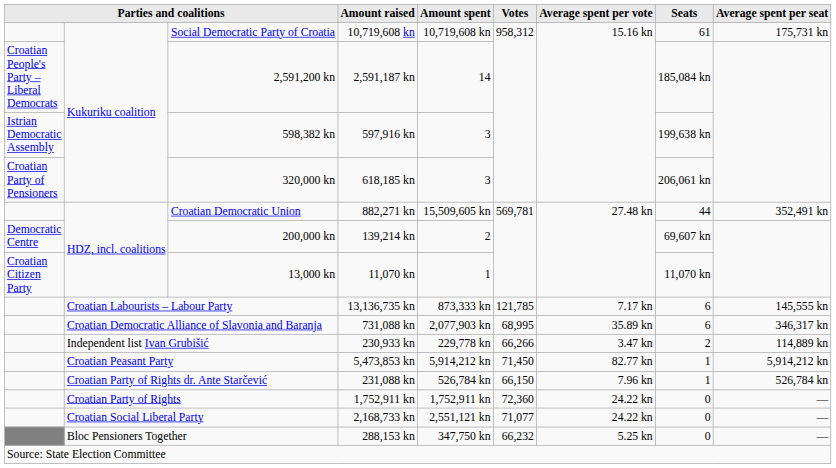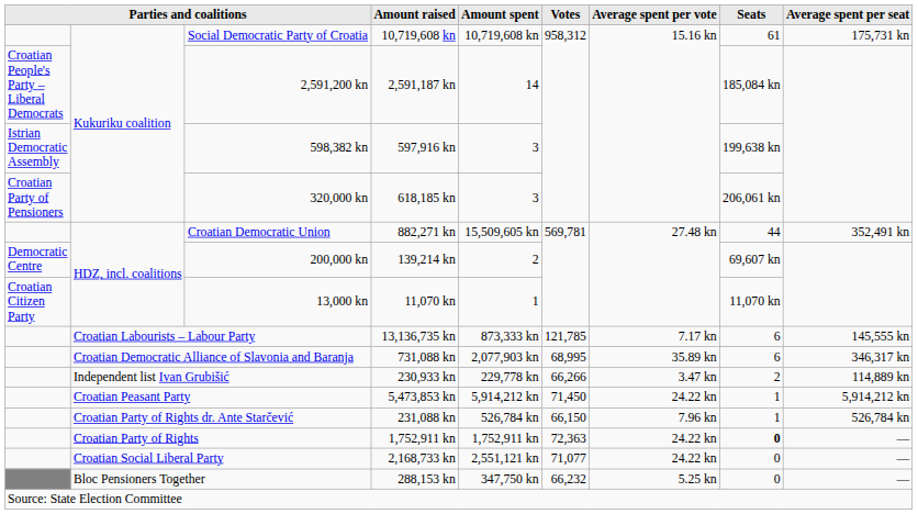 <table class="wikitable" border="1">
 <tr>
 <th style="background-color:#E9E9E9" align=left valign=top colspan=3>Parties and coalitions</th>
 <th style="background-color:#E9E9E9">Amount raised</th>
 <th style="background-color:#E9E9E9">Amount spent</th>
 <th style="background-color:#E9E9E9">Votes</th>
 <th style="background-color:#E9E9E9">Average spent per vote</th>
 <th style="background-color:#E9E9E9">Seats</th>
 <th style="background-color:#E9E9E9">Average spent per seat</th>
 </tr>
 <tr>
 <td width=5px style="background-color:"></td>
 <td align=left rowspan=4><a href='#'>Kukuriku coalition</a></td>
 <td align=left><a href='#'>Social Democratic Party of Croatia</a></td>
 <td align="right">10,719,608 <a href='#'>kn</a></td>
 <td align="right">10,719,608 kn</td>
 <td align="right" rowspan=4 valign=top>958,312</td>
 <td align="right" rowspan=4 valign=top>15.16 kn</td>
 <td align="right">61</td>
 <td align="right">175,731 kn</td>
 </tr>
 <tr>
 <td align="left"><a href='#'>Croatian People's Party – Liberal Democrats</a></td>
 <td align="right">2,591,200 kn</td>
 <td align="right">2,591,187 kn</td>
 <td align="right">14</td>
 <td align="right">185,084 kn</td>
 </tr>
 <tr>
 <td align="left"><a href='#'>Istrian Democratic Assembly</a></td>
 <td align="right">598,382 kn</td>
 <td align="right">597,916 kn</td>
 <td align="right">3</td>
 <td align="right">199,638 kn</td>
 </tr>
 <tr>
 <td align="left"><a href='#'>Croatian Party of Pensioners</a></td>
 <td align="right">320,000 kn</td>
 <td align="right">618,185 kn</td>
 <td align="right">3</td>
 <td align="right">206,061 kn</td>
 </tr>
 <tr>
 <td style="background-color:"></td>
 <td align=left rowspan=3><a href='#'>HDZ, incl. coalitions</a></td>
 <td align=left><a href='#'>Croatian Democratic Union</a></td>
 <td align="right">882,271 kn</td>
 <td align="right">15,509,605 kn</td>
 <td align="right" rowspan=3 valign=top>569,781</td>
 <td align="right" rowspan=3 valign=top>27.48 kn</td>
 <td align="right">44</td>
 <td align="right">352,491 kn</td>
 </tr>
 <tr>
 <td align="left"><a href='#'>Democratic Centre</a></td>
 <td align="right">200,000 kn</td>
 <td align="right">139,214 kn</td>
 <td align="right">2</td>
 <td align="right">69,607 kn</td>
 </tr>
 <tr>
 <td align="left"><a href='#'>Croatian Citizen Party</a></td>
 <td align="right">13,000 kn</td>
 <td align="right">11,070 kn</td>
 <td align="right">1</td>
 <td align="right">11,070 kn</td>
 </tr>
 <tr>
 <td style="background-color:"></td>
 <td align=left colspan=2><a href='#'>Croatian Labourists – Labour Party</a></td>
 <td align="right">13,136,735 kn</td>
 <td align="right">873,333 kn</td>
 <td align="right">121,785</td>
 <td align="right">7.17 kn</td>
 <td align="right">6</td>
 <td align="right">145,555 kn</td>
 </tr>
 <tr>
 <td style="background-color:"></td>
 <td align=left colspan=2><a href='#'>Croatian Democratic Alliance of Slavonia and Baranja</a></td>
 <td align="right">731,088 kn</td>
 <td align="right">2,077,903 kn</td>
 <td align="right">68,995</td>
 <td align="right">35.89 kn</td>
 <td align="right">6</td>
 <td align="right">346,317 kn</td>
 </tr>
 <tr>
 <td style="background-color:"></td>
 <td align=left colspan=2>Independent list <a href='#'>Ivan Grubišić</a></td>
 <td align="right">230,933 kn</td>
 <td align="right">229,778 kn</td>
 <td align="right">66,266</td>
 <td align="right">3.47 kn</td>
 <td align="right">2</td>
 <td align="right">114,889 kn</td>
 </tr>
 <tr>
 <td style="background-color:"></td>
 <td align=left colspan=2><a href='#'>Croatian Peasant Party</a></td>
 <td align="right">5,473,853 kn</td>
 <td align="right">5,914,212 kn</td>
 <td align="right">71,450</td>
-<td align="right">82.77 kn</td>
+<td align="right">24.22 kn</td>
 <td align="right">1</td>
 <td align="right">5,914,212 kn</td>
 </tr>
 <tr>
 <td style="background-color:"></td>
 <td align=left colspan=2><a href='#'>Croatian Party of Rights dr. Ante Starčević</a></td>
 <td align="right">231,088 kn</td>
 <td align="right">526,784 kn</td>
 <td align="right">66,150</td>
 <td align="right">7.96 kn</td>
 <td align="right">1</td>
 <td align="right">526,784 kn</td>
 </tr>
 <tr>
 <td style="background-color:"></td>
 <td align=left colspan=2><a href='#'>Croatian Party of Rights</a></td>
 <td align="right">1,752,911 kn</td>
 <td align="right">1,752,911 kn</td>
-<td align="right">72,360</td>
+<td align="right">72,363</td>
 <td align="right">24.22 kn</td>
-<td align="right">0</td>
+<td align="right"><strong>0</strong></td>
 <td align="right">—</td>
 </tr>
 <tr>
 <td style="background-color:"></td>
 <td align=left colspan=2><a href='#'>Croatian Social Liberal Party</a></td>
 <td align="right">2,168,733 kn</td>
 <td align="right">2,551,121 kn</td>
 <td align="right">71,077</td>
 <td align="right">24.22 kn</td>
 <td align="right">0</td>
 <td align="right">—</td>
 </tr>
 <tr>
 <td style="background-color: grey"></td>
 <td align="left" colspan="2">Bloc Pensioners Together</td>
 <td align="right">288,153 kn</td>
 <td align="right">347,750 kn</td>
 <td align="right">66,232</td>
 <td align="right">5.25 kn</td>
 <td align="right">0</td>
 <td align="right">—</td>
 </tr>
 <tr>
 <td align="left" colspan="9">Source: State Election Committee</td>
 </tr>
 </table>
